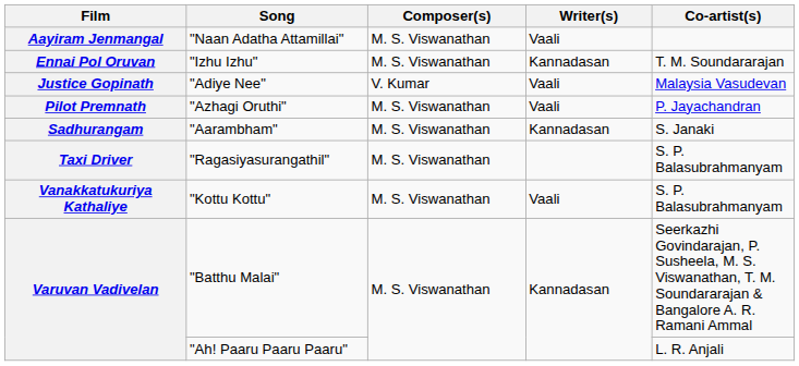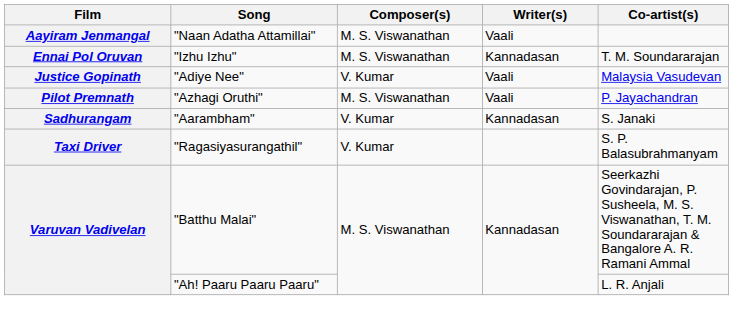 <table class="wikitable plainrowheaders" width="100%" textcolor:#000;">
 <tr style="background:#b0e0e66;">
 <th scope="col" width=23%><strong>Film</strong></th>
 <th scope="col" width=23%><strong>Song</strong></th>
 <th scope="col" width=20%><strong>Composer(s)</strong></th>
 <th scope="col" width=16%><strong>Writer(s)</strong></th>
 <th scope="col" width=18%><strong>Co-artist(s)</strong></th>
 </tr>
 <tr>
 <th><em><a href='#'>Aayiram Jenmangal</a></em></th>
 <td>"Naan Adatha Attamillai"</td>
 <td>M. S. Viswanathan</td>
 <td>Vaali</td>
 <td></td>
 </tr>
 <tr>
 <th><em><a href='#'>Ennai Pol Oruvan</a></em></th>
 <td>"Izhu Izhu"</td>
 <td>M. S. Viswanathan</td>
 <td>Kannadasan</td>
 <td>T. M. Soundararajan</td>
 </tr>
 <tr>
 <th><em><a href='#'>Justice Gopinath</a></em></th>
 <td>"Adiye Nee"</td>
 <td>V. Kumar</td>
 <td>Vaali</td>
 <td><a href='#'>Malaysia Vasudevan</a></td>
 </tr>
 <tr>
 <th><em><a href='#'>Pilot Premnath</a></em></th>
 <td>"Azhagi Oruthi"</td>
 <td>M. S. Viswanathan</td>
 <td>Vaali</td>
 <td><a href='#'>P. Jayachandran</a></td>
 </tr>
 <tr>
 <th><em><a href='#'>Sadhurangam</a></em></th>
 <td>"Aarambham"</td>
-<td>M. S. Viswanathan</td>
+<td>V. Kumar</td>
 <td>Kannadasan</td>
 <td>S. Janaki</td>
 </tr>
 <tr>
 <th><em><a href='#'>Taxi Driver</a></em></th>
 <td>"Ragasiyasurangathil"</td>
-<td>M. S. Viswanathan</td>
+<td>V. Kumar</td>
 <td></td>
-<td>S. P. Balasubrahmanyam</td>
-</tr>
-<tr>
-<th><em><a href='#'>Vanakkatukuriya Kathaliye</a></em></th>
-<td>"Kottu Kottu"</td>
-<td>M. S. Viswanathan</td>
-<td>Vaali</td>
 <td>S. P. Balasubrahmanyam</td>
 </tr>
 <tr>
 <th rowspan="2"><em><a href='#'>Varuvan Vadivelan</a></em></th>
 <td>"Batthu Malai"</td>
 <td rowspan="2">M. S. Viswanathan</td>
 <td rowspan="2">Kannadasan</td>
 <td>Seerkazhi Govindarajan, P. Susheela, M. S. Viswanathan, T. M. Soundararajan & Bangalore A. R. Ramani Ammal</td>
 </tr>
 <tr>
 <td>"Ah! Paaru Paaru Paaru"</td>
 <td>L. R. Anjali</td>
 </tr>
 </table>
